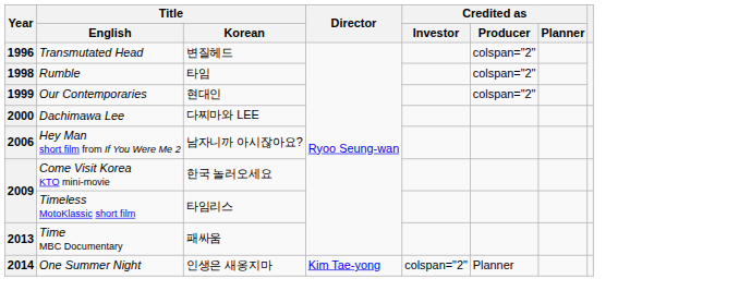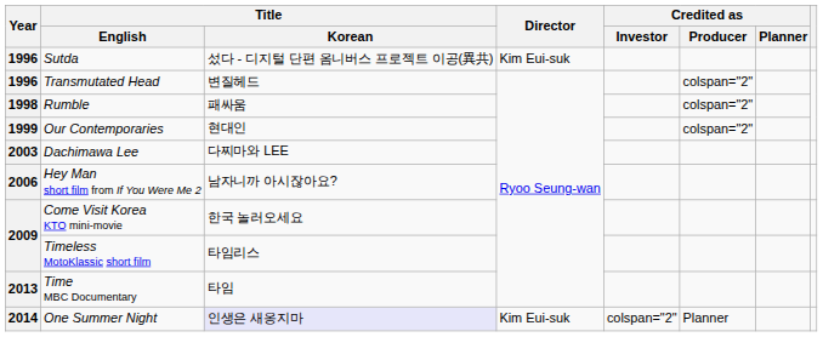 <table class="wikitable sortable plainrowheaders">
 <tr>
 <th rowspan="2">Year</th>
 <th colspan="2">Title</th>
 <th rowspan="2">Director</th>
 <th colspan="3">Credited as</th>
 <th rowspan="2" class="unsortable"></th>
 </tr>
 <tr>
 <th>English</th>
 <th>Korean</th>
 <th>Investor</th>
 <th>Producer</th>
 <th>Planner</th>
 </tr>
 <tr>
 <th scope="row">1996</th>
+<td><em>Sutda</em></td>
+<td>섰다 - 디지털 단편 옴니버스 프로젝트 이공(異共)</td>
+<td>Kim Eui-suk</td>
+<td></td>
+<td></td>
+<td></td>
+<td></td>
+</tr>
+<tr>
+<th scope="row">1996</th>
 <td><em>Transmutated Head</em></td>
 <td>변질헤드</td>
 <td rowspan="8"><a href='#'>Ryoo Seung-wan</a></td>
 <td></td>
 <td>colspan="2" </td>
 <td></td>
 </tr>
 <tr>
 <th scope="row">1998</th>
 <td><em>Rumble</em></td>
-<td>타임</td>
+<td>패싸움</td>
 <td></td>
 <td>colspan="2" </td>
 <td></td>
 </tr>
 <tr>
 <th scope="row">1999</th>
 <td><em>Our Contemporaries</em></td>
 <td>현대인</td>
 <td></td>
 <td>colspan="2" </td>
 <td></td>
 </tr>
 <tr>
-<th scope="row">2000</th>
+<th scope="row">2003</th>
 <td><em>Dachimawa Lee</em></td>
 <td>다찌마와 LEE</td>
 <td></td>
 <td></td>
 <td></td>
 <td></td>
 </tr>
 <tr>
 <th scope="row">2006</th>
 <td><em>Hey Man</em><br><small><a href='#'>short film</a> from <em>If You Were Me 2</em></small></td>
 <td>남자니까 아시잖아요?</td>
 <td></td>
 <td></td>
 <td></td>
 <td></td>
 </tr>
 <tr>
 <th rowspan="2" scope="row">2009</th>
 <td><em>Come Visit Korea</em><br><small><a href='#'>KTO</a> mini-movie<br></small></td>
 <td>한국 놀러오세요<br></td>
 <td></td>
 <td></td>
 <td></td>
 <td></td>
 </tr>
 <tr>
 <td><em>Timeless</em><br><small><a href='#'>MotoKlassic</a> <a href='#'>short film</a></small></td>
 <td>타임리스</td>
 <td></td>
 <td></td>
 <td></td>
 <td></td>
 </tr>
 <tr>
 <th scope="row">2013</th>
 <td><em>Time</em><br><small>MBC Documentary</small></td>
-<td>패싸움</td>
+<td>타임</td>
 <td></td>
 <td></td>
 <td></td>
 <td></td>
 </tr>
 <tr>
 <th scope="row">2014</th>
 <td><em>One Summer Night</em></td>
-<td>인생은 새옹지마</td>
-<td><a href='#'>Kim Tae-yong</a></td>
+<td style="background: lavender;">인생은 새옹지마</td>
+<td>Kim Eui-suk</td>
 <td>colspan="2" </td>
 <td>Planner</td>
 <td></td>
 </tr>
 </table>
